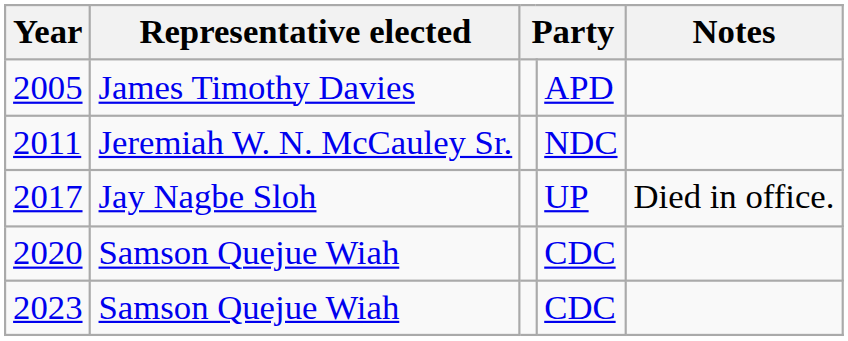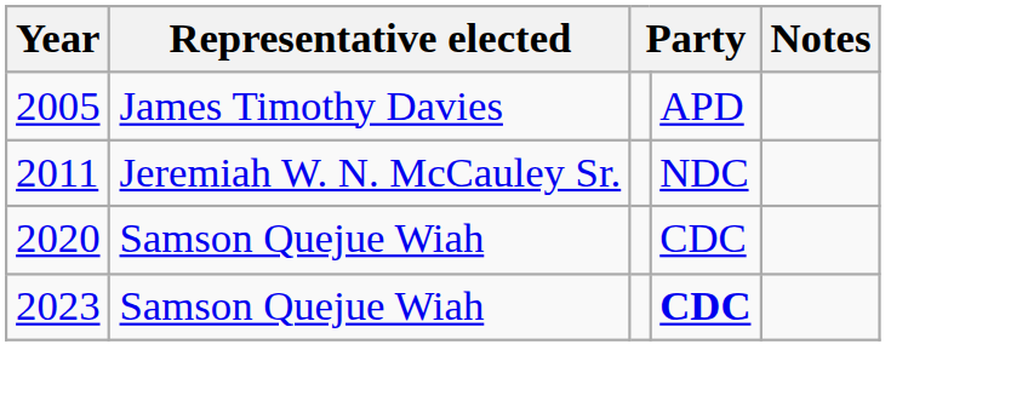 <table class="wikitable">
 <tr>
 <th>Year</th>
 <th>Representative elected</th>
 <th colspan=2>Party</th>
 <th>Notes</th>
 </tr>
 <tr>
 <td><a href='#'>2005</a></td>
 <td><a href='#'>James Timothy Davies</a></td>
 <td></td>
 <td><a href='#'>APD</a></td>
 <td></td>
 </tr>
 <tr>
 <td><a href='#'>2011</a></td>
 <td><a href='#'>Jeremiah W. N. McCauley Sr.</a></td>
 <td></td>
 <td><a href='#'>NDC</a></td>
 <td></td>
 </tr>
 <tr>
-<td><a href='#'>2017</a></td>
-<td><a href='#'>Jay Nagbe Sloh</a></td>
-<td></td>
-<td><a href='#'>UP</a></td>
-<td>Died in office.</td>
-</tr>
-<tr>
 <td><a href='#'>2020</a></td>
 <td><a href='#'>Samson Quejue Wiah</a></td>
 <td></td>
 <td><a href='#'>CDC</a></td>
 <td></td>
 </tr>
 <tr>
 <td><a href='#'>2023</a></td>
 <td><a href='#'>Samson Quejue Wiah</a></td>
 <td></td>
-<td><a href='#'>CDC</a></td>
+<td><strong><a href='#'>CDC</a></strong></td>
 <td></td>
 </tr>
 </table>
